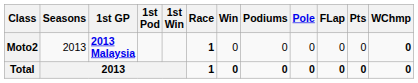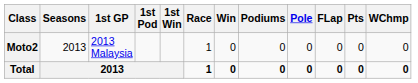 <table class="wikitable" style=text-align:right>
 <tr>
 <th>Class</th>
 <th>Seasons</th>
 <th>1st GP</th>
 <th>1st Pod</th>
 <th>1st Win</th>
 <th>Race</th>
 <th>Win</th>
 <th>Podiums</th>
 <th><a href='#'>Pole</a></th>
 <th>FLap</th>
 <th>Pts</th>
 <th>WChmp</th>
 </tr>
 <tr>
 <th>Moto2</th>
 <td>2013</td>
-<td align="left"><strong><a href='#'>2013 Malaysia</a></strong></td>
+<td align="left"><a href='#'>2013 Malaysia</a></td>
 <td align="left"></td>
 <td align="left"></td>
-<td><strong>1</strong></td>
+<td>1</td>
 <td>0</td>
 <td>0</td>
 <td>0</td>
 <td>0</td>
 <td>0</td>
-<td><strong>0</strong></td>
+<td>0</td>
 </tr>
 <tr>
 <th>Total</th>
 <th colspan="4">2013</th>
 <td><strong>1</strong></td>
 <td><strong>0</strong></td>
 <td><strong>0</strong></td>
 <td><strong>0</strong></td>
 <td><strong>0</strong></td>
 <td><strong>0</strong></td>
 <td><strong>0</strong></td>
 </tr>
 </table>
